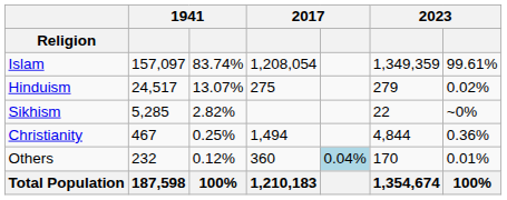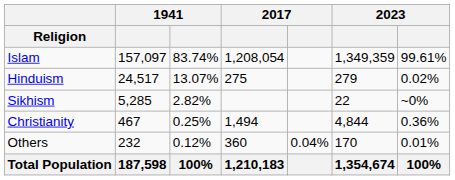 <table class="wikitable sortable">
 <tr>
 <th></th>
 <th colspan="2">1941</th>
 <th colspan="2">2017</th>
 <th colspan="2">2023</th>
 </tr>
 <tr>
 <th>Religion</th>
 <th></th>
 <th></th>
 <th></th>
 <th></th>
 <th></th>
 <th></th>
 </tr>
 <tr>
 <td><a href='#'>Islam</a> </td>
 <td>157,097</td>
 <td>83.74%</td>
 <td>1,208,054</td>
 <td></td>
 <td>1,349,359</td>
 <td>99.61%</td>
 </tr>
 <tr>
 <td><a href='#'>Hinduism</a> </td>
 <td>24,517</td>
 <td>13.07%</td>
 <td>275</td>
 <td></td>
 <td>279</td>
 <td>0.02%</td>
 </tr>
 <tr>
 <td><a href='#'>Sikhism</a> </td>
 <td>5,285</td>
 <td>2.82%</td>
 <td></td>
 <td></td>
 <td>22</td>
 <td>~0%</td>
 </tr>
 <tr>
 <td><a href='#'>Christianity</a> </td>
 <td>467</td>
 <td>0.25%</td>
 <td>1,494</td>
 <td></td>
 <td>4,844</td>
 <td>0.36%</td>
 </tr>
 <tr>
 <td>Others</td>
 <td>232</td>
 <td>0.12%</td>
 <td>360</td>
-<td style="background: lightblue;">0.04%</td>
+<td>0.04%</td>
 <td>170</td>
 <td>0.01%</td>
 </tr>
 <tr>
 <th>Total Population</th>
 <th>187,598</th>
 <th>100%</th>
 <th>1,210,183</th>
 <th></th>
 <th>1,354,674</th>
 <th>100%</th>
 </tr>
 </table>
